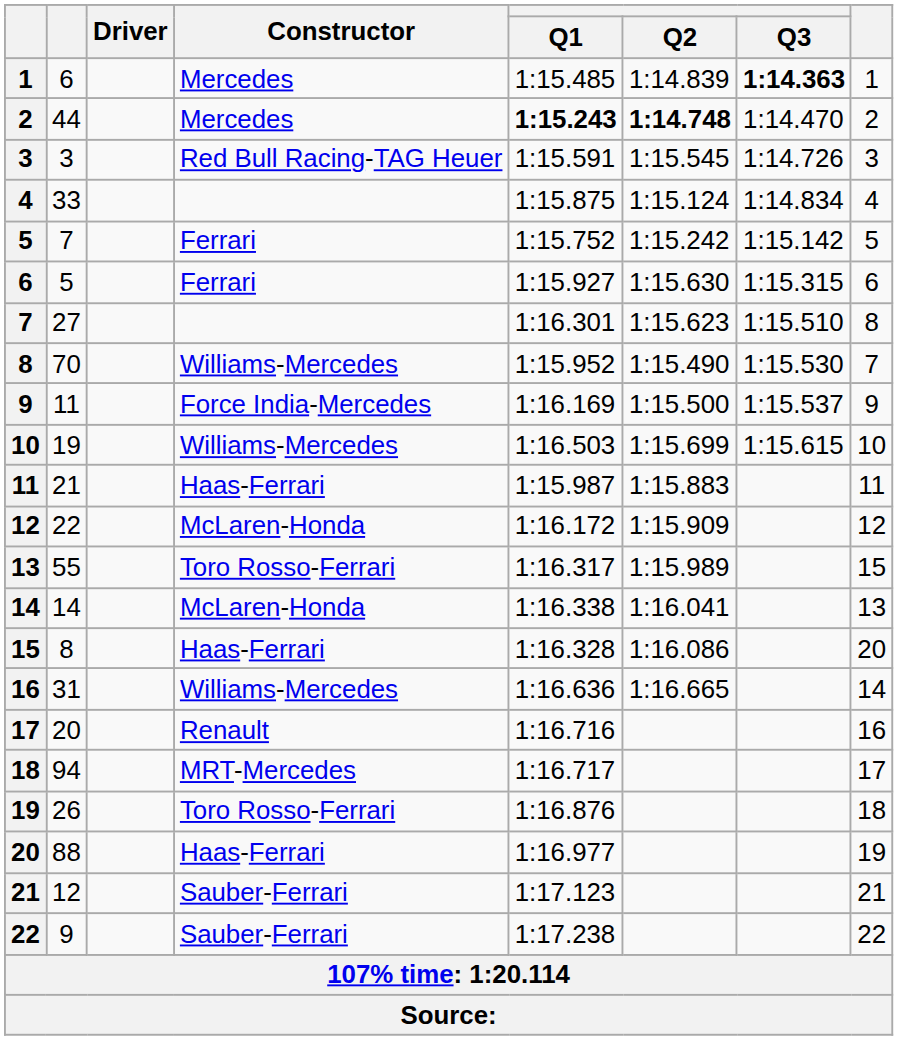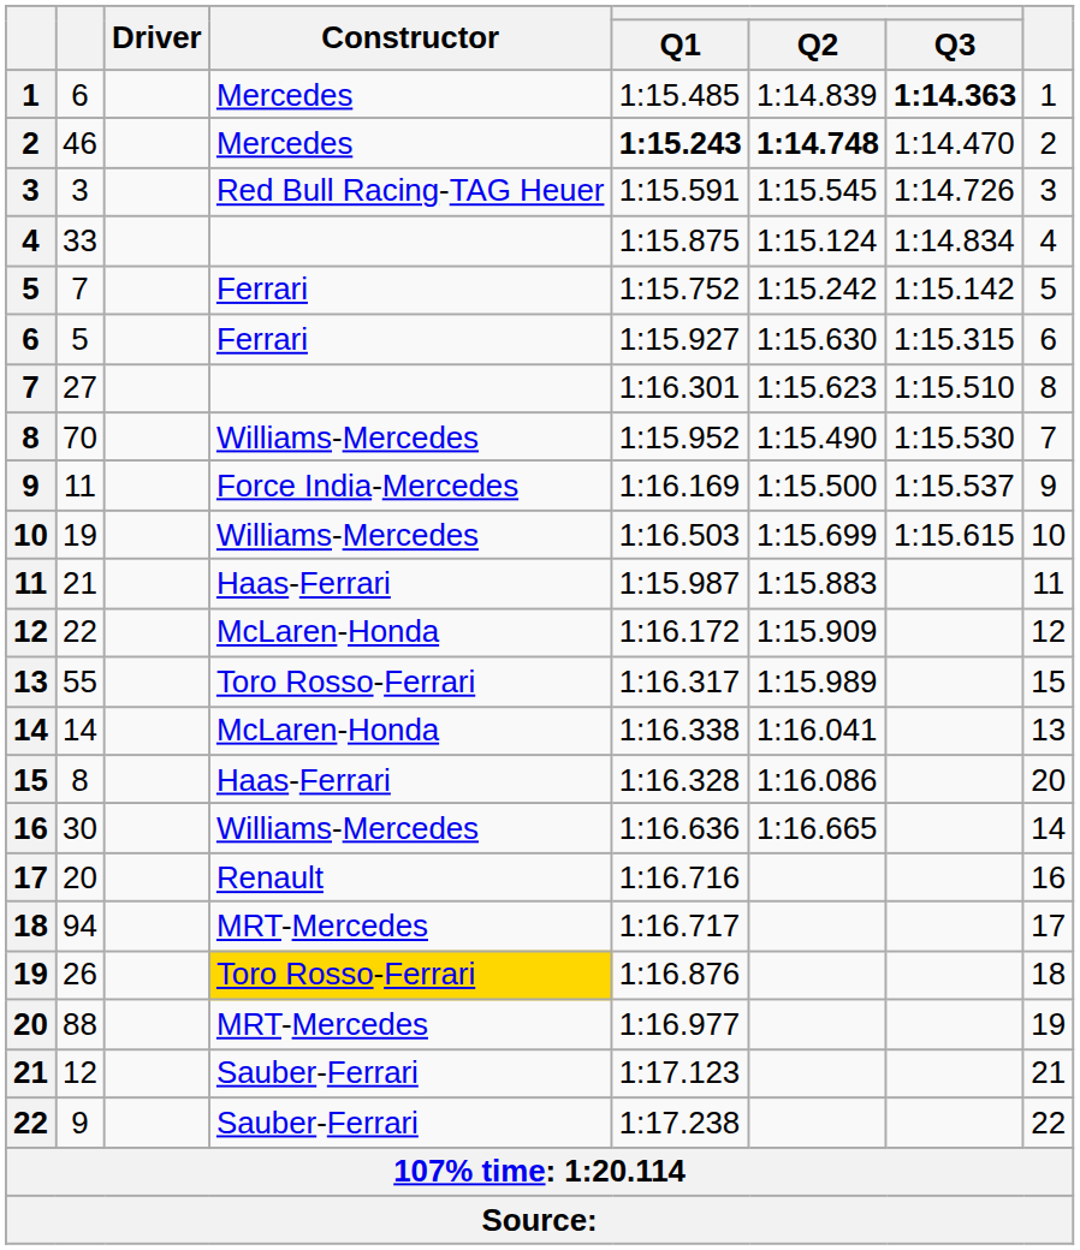 <table class="wikitable sortable" style="font-size: 85%;">
 <tr>
 <th rowspan="2"></th>
 <th rowspan="2"></th>
 <th rowspan="2">Driver</th>
 <th rowspan="2">Constructor</th>
 <th colspan="3"></th>
 <th rowspan="2"></th>
 </tr>
 <tr>
 <th>Q1</th>
 <th>Q2</th>
 <th>Q3</th>
 </tr>
 <tr>
 <th>1</th>
 <td align="center">6</td>
 <td></td>
 <td><a href='#'>Mercedes</a></td>
 <td>1:15.485</td>
 <td>1:14.839</td>
 <td><strong>1:14.363</strong></td>
 <td align="center">1</td>
 </tr>
 <tr>
 <th>2</th>
-<td align="center">44</td>
+<td align="center">46</td>
 <td></td>
 <td><a href='#'>Mercedes</a></td>
 <td><strong>1:15.243</strong></td>
 <td><strong>1:14.748</strong></td>
 <td>1:14.470</td>
 <td align="center">2</td>
 </tr>
 <tr>
 <th>3</th>
 <td align="center">3</td>
 <td></td>
 <td><a href='#'>Red Bull Racing</a>-<a href='#'>TAG Heuer</a></td>
 <td>1:15.591</td>
 <td>1:15.545</td>
 <td>1:14.726</td>
 <td align="center">3</td>
 </tr>
 <tr>
 <th>4</th>
 <td align="center">33</td>
 <td></td>
 <td></td>
 <td>1:15.875</td>
 <td>1:15.124</td>
 <td>1:14.834</td>
 <td align="center">4</td>
 </tr>
 <tr>
 <th>5</th>
 <td align="center">7</td>
 <td></td>
 <td><a href='#'>Ferrari</a></td>
 <td>1:15.752</td>
 <td>1:15.242</td>
 <td>1:15.142</td>
 <td align="center">5</td>
 </tr>
 <tr>
 <th>6</th>
 <td align="center">5</td>
 <td></td>
 <td><a href='#'>Ferrari</a></td>
 <td>1:15.927</td>
 <td>1:15.630</td>
 <td>1:15.315</td>
 <td align="center">6</td>
 </tr>
 <tr>
 <th>7</th>
 <td align="center">27</td>
 <td></td>
 <td></td>
 <td>1:16.301</td>
 <td>1:15.623</td>
 <td>1:15.510</td>
 <td align="center">8</td>
 </tr>
 <tr>
 <th>8</th>
 <td align="center">70</td>
 <td></td>
 <td><a href='#'>Williams</a>-<a href='#'>Mercedes</a></td>
 <td>1:15.952</td>
 <td>1:15.490</td>
 <td>1:15.530</td>
 <td align="center">7</td>
 </tr>
 <tr>
 <th>9</th>
 <td align="center">11</td>
 <td></td>
 <td><a href='#'>Force India</a>-<a href='#'>Mercedes</a></td>
 <td>1:16.169</td>
 <td>1:15.500</td>
 <td>1:15.537</td>
 <td align="center">9</td>
 </tr>
 <tr>
 <th>10</th>
 <td align="center">19</td>
 <td></td>
 <td><a href='#'>Williams</a>-<a href='#'>Mercedes</a></td>
 <td>1:16.503</td>
 <td>1:15.699</td>
 <td>1:15.615</td>
 <td align="center">10</td>
 </tr>
 <tr>
 <th>11</th>
 <td align="center">21</td>
 <td></td>
 <td><a href='#'>Haas</a>-<a href='#'>Ferrari</a></td>
 <td>1:15.987</td>
 <td>1:15.883</td>
 <td></td>
 <td align="center">11</td>
 </tr>
 <tr>
 <th>12</th>
 <td align="center">22</td>
 <td></td>
 <td><a href='#'>McLaren</a>-<a href='#'>Honda</a></td>
 <td>1:16.172</td>
 <td>1:15.909</td>
 <td></td>
 <td align="center">12</td>
 </tr>
 <tr>
 <th>13</th>
 <td align="center">55</td>
 <td></td>
 <td><a href='#'>Toro Rosso</a>-<a href='#'>Ferrari</a></td>
 <td>1:16.317</td>
 <td>1:15.989</td>
 <td></td>
 <td align="center">15</td>
 </tr>
 <tr>
 <th>14</th>
 <td align="center">14</td>
 <td></td>
 <td><a href='#'>McLaren</a>-<a href='#'>Honda</a></td>
 <td>1:16.338</td>
 <td>1:16.041</td>
 <td></td>
 <td align="center">13</td>
 </tr>
 <tr>
 <th>15</th>
 <td align="center">8</td>
 <td></td>
 <td><a href='#'>Haas</a>-<a href='#'>Ferrari</a></td>
 <td>1:16.328</td>
 <td>1:16.086</td>
 <td></td>
 <td align="center">20</td>
 </tr>
 <tr>
 <th>16</th>
-<td align="center">31</td>
+<td align="center">30</td>
 <td></td>
 <td><a href='#'>Williams</a>-<a href='#'>Mercedes</a></td>
 <td>1:16.636</td>
 <td>1:16.665</td>
 <td></td>
 <td align="center">14</td>
 </tr>
 <tr>
 <th>17</th>
 <td align="center">20</td>
 <td></td>
 <td><a href='#'>Renault</a></td>
 <td>1:16.716</td>
 <td></td>
 <td></td>
 <td align="center">16</td>
 </tr>
 <tr>
 <th>18</th>
 <td align="center">94</td>
 <td></td>
 <td><a href='#'>MRT</a>-<a href='#'>Mercedes</a></td>
 <td>1:16.717</td>
 <td></td>
 <td></td>
 <td align="center">17</td>
 </tr>
 <tr>
 <th>19</th>
 <td align="center">26</td>
 <td></td>
-<td><a href='#'>Toro Rosso</a>-<a href='#'>Ferrari</a></td>
+<td style="background: gold;"><a href='#'>Toro Rosso</a>-<a href='#'>Ferrari</a></td>
 <td>1:16.876</td>
 <td></td>
 <td></td>
 <td align="center">18</td>
 </tr>
 <tr>
 <th>20</th>
 <td align="center">88</td>
 <td></td>
-<td><a href='#'>Haas</a>-<a href='#'>Ferrari</a></td>
+<td><a href='#'>MRT</a>-<a href='#'>Mercedes</a></td>
 <td>1:16.977</td>
 <td></td>
 <td></td>
 <td align="center">19</td>
 </tr>
 <tr>
 <th>21</th>
 <td align="center">12</td>
 <td></td>
 <td><a href='#'>Sauber</a>-<a href='#'>Ferrari</a></td>
 <td>1:17.123</td>
 <td></td>
 <td></td>
 <td align="center">21</td>
 </tr>
 <tr>
 <th>22</th>
 <td align="center">9</td>
 <td></td>
 <td><a href='#'>Sauber</a>-<a href='#'>Ferrari</a></td>
 <td>1:17.238</td>
 <td></td>
 <td></td>
 <td align="center">22</td>
 </tr>
 <tr>
 <th colspan="8"><a href='#'>107% time</a>: 1:20.114</th>
 </tr>
 <tr>
 <th colspan=8>Source:</th>
 </tr>
 </table>
